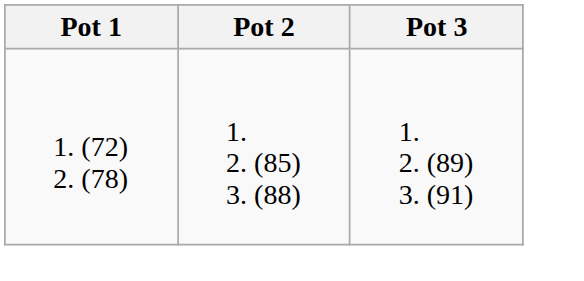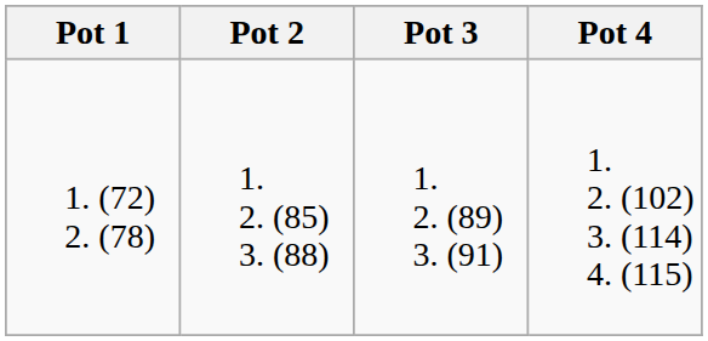 <table class="wikitable">
 <tr>
 <th width=25%>Pot 1</th>
 <th width=25%>Pot 2</th>
 <th width=25%>Pot 3</th>
+<th width=25%>Pot 4</th>
 </tr>
 <tr>
 <td><br><ol><li> (72)</li><li> (78)</li></ol></td>
 <td><br><ol><li><li> (85)</li><li> (88)</li></ol></td>
 <td><br><ol><li><li> (89)</li><li> (91)</li></ol></td>
+<td><br><ol><li><li> (102)</li><li> (114)</li><li> (115)</li></ol></td>
 </tr>
 </table>
